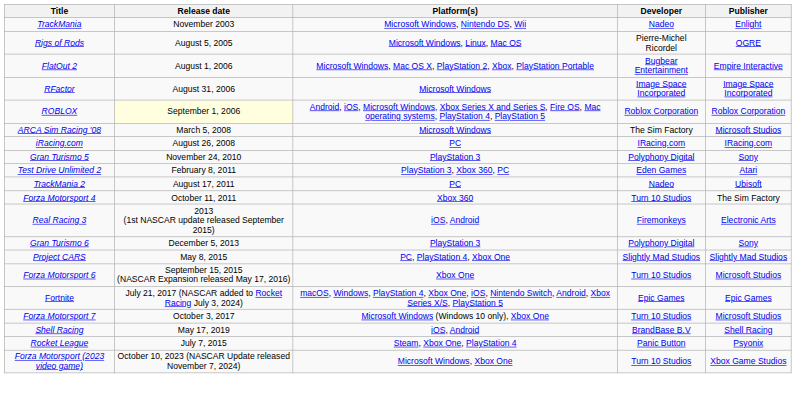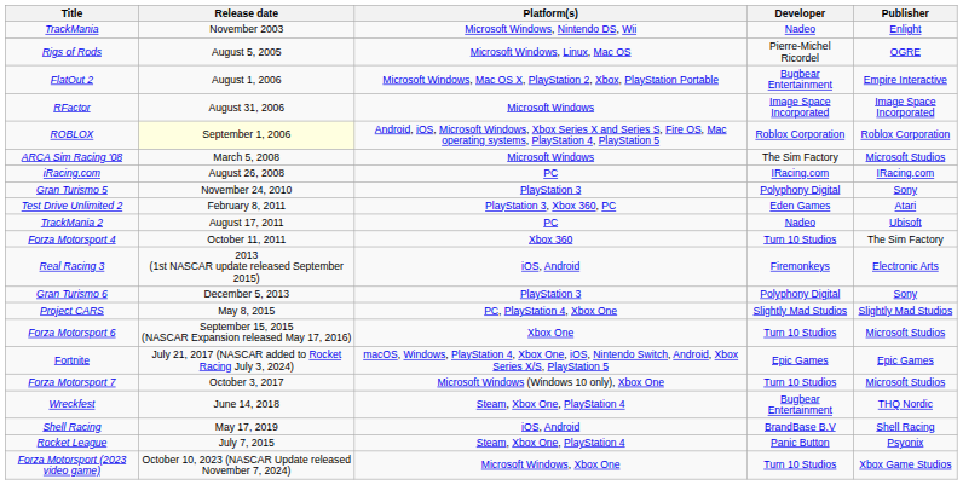 <table class="wikitable sortable" style="font-size:85%; text-align:center; width:auto;">
 <tr>
 <th>Title</th>
 <th>Release date</th>
 <th>Platform(s)</th>
 <th>Developer</th>
 <th>Publisher</th>
 </tr>
 <tr>
 <td style="text-align:center;"><em><a href='#'>TrackMania</a></em></td>
 <td style="text-align:center;">November 2003</td>
 <td style="text-align:center;"><a href='#'>Microsoft Windows</a>, <a href='#'>Nintendo DS</a>, <a href='#'>Wii</a></td>
 <td style="text-align:center;"><a href='#'>Nadeo</a></td>
 <td style="text-align:center;"><a href='#'>Enlight</a></td>
 </tr>
 <tr>
 <td style="text-align:center;"><em><a href='#'>Rigs of Rods</a></em></td>
 <td style="text-align:center;">August 5, 2005</td>
 <td style="text-align:center;"><a href='#'>Microsoft Windows</a>, <a href='#'>Linux</a>, <a href='#'>Mac OS</a></td>
 <td style="text-align:center;">Pierre-Michel Ricordel</td>
 <td style="text-align:center;"><a href='#'>OGRE</a></td>
 </tr>
 <tr>
 <td style="text-align:center;"><em><a href='#'>FlatOut 2</a></em></td>
 <td style="text-align:center;">August 1, 2006</td>
 <td style="text-align:center;"><a href='#'>Microsoft Windows</a>, <a href='#'>Mac OS X</a>, <a href='#'>PlayStation 2</a>, <a href='#'>Xbox</a>, <a href='#'>PlayStation Portable</a></td>
 <td style="text-align:center;"><a href='#'>Bugbear Entertainment</a></td>
 <td style="text-align:center;"><a href='#'>Empire Interactive</a></td>
 </tr>
 <tr>
 <td style="text-align:center;"><em><a href='#'>RFactor</a></em></td>
 <td style="text-align:center;">August 31, 2006</td>
 <td style="text-align:center;"><a href='#'>Microsoft Windows</a></td>
 <td style="text-align:center;"><a href='#'>Image Space Incorporated</a></td>
 <td style="text-align:center;"><a href='#'>Image Space Incorporated</a></td>
 </tr>
 <tr>
 <td style="text-aling:center;"><em><a href='#'>ROBLOX</a></em></td>
 <td style="background: lightyellow; text-aling:center;">September 1, 2006</td>
 <td style="text-aling:center;"><a href='#'>Android</a>, <a href='#'>iOS</a>, <a href='#'>Microsoft Windows</a>, <a href='#'>Xbox Series X and Series S</a>, <a href='#'>Fire OS</a>, <a href='#'>Mac operating systems</a>, <a href='#'>PlayStation 4</a>, <a href='#'>PlayStation 5</a></td>
 <td style="text-aling:center;"><a href='#'>Roblox Corporation</a></td>
 <td style="text-aling:center;"><a href='#'>Roblox Corporation</a></td>
 </tr>
 <tr>
 <td style="text-align:center;"><em><a href='#'>ARCA Sim Racing '08</a></em></td>
 <td style="text-align:center;">March 5, 2008</td>
 <td style="text-align:center;"><a href='#'>Microsoft Windows</a></td>
 <td style="text-align:center;">The Sim Factory</td>
 <td style="text-align:center;"><a href='#'>Microsoft Studios</a></td>
 </tr>
 <tr>
 <td style="text-align:center;"><em><a href='#'>iRacing.com</a></em></td>
 <td style="text-align:center;">August 26, 2008</td>
 <td style="text-align:center;"><a href='#'>PC</a></td>
 <td style="text-align:center;"><a href='#'>IRacing.com</a></td>
 <td style="text-align:center;"><a href='#'>IRacing.com</a></td>
 </tr>
 <tr style="text-align:center;">
 <td><em><a href='#'>Gran Turismo 5</a></em></td>
 <td>November 24, 2010</td>
 <td><a href='#'>PlayStation 3</a></td>
 <td><a href='#'>Polyphony Digital</a></td>
 <td><a href='#'>Sony</a></td>
 </tr>
 <tr>
 <td style="text-align:center;"><em><a href='#'>Test Drive Unlimited 2</a></em></td>
 <td style="text-align:center;">February 8, 2011</td>
 <td style="text-align:center;"><a href='#'>PlayStation 3</a>, <a href='#'>Xbox 360</a>, <a href='#'>PC</a></td>
 <td style="text-align:center;"><a href='#'>Eden Games</a></td>
 <td style="text-align:center;"><a href='#'>Atari</a></td>
 </tr>
 <tr>
 <td style="text-align:center;"><em><a href='#'>TrackMania 2</a></em></td>
 <td style="text-align:center;">August 17, 2011</td>
 <td style="text-align:center;"><a href='#'>PC</a></td>
 <td style="text-align:center;"><a href='#'>Nadeo</a></td>
 <td style="text-align:center;"><a href='#'>Ubisoft</a></td>
 </tr>
 <tr>
 <td style="text-align:center;"><em><a href='#'>Forza Motorsport 4</a></em></td>
 <td style="text-align:center;">October 11, 2011</td>
 <td style="text-align:center;"><a href='#'>Xbox 360</a></td>
 <td style="text-align:center;"><a href='#'>Turn 10 Studios</a></td>
 <td style="text-align:center;">The Sim Factory</td>
 </tr>
 <tr>
 <td style="text-align:center;"><em><a href='#'>Real Racing 3</a></em></td>
 <td style="text-align:center;">2013<br>(1st NASCAR update released September 2015)</td>
 <td style="text-align:center;"><a href='#'>iOS</a>, <a href='#'>Android</a></td>
 <td style="text-align:center;"><a href='#'>Firemonkeys</a></td>
 <td style="text-align:center;"><a href='#'>Electronic Arts</a></td>
 </tr>
 <tr>
 <td style="text-align:center;"><em><a href='#'>Gran Turismo 6</a></em></td>
 <td style="text-align:center;">December 5, 2013</td>
 <td style="text-align:center;"><a href='#'>PlayStation 3</a></td>
 <td style="text-align:center;"><a href='#'>Polyphony Digital</a></td>
 <td style="text-align:center;"><a href='#'>Sony</a></td>
 </tr>
 <tr>
 <td style="text-align:center;"><em><a href='#'>Project CARS</a></em></td>
 <td style="text-align:center;">May 8, 2015</td>
 <td style="text-align:center;"><a href='#'>PC</a>, <a href='#'>PlayStation 4</a>, <a href='#'>Xbox One</a></td>
 <td style="text-align:center;"><a href='#'>Slightly Mad Studios</a></td>
 <td style="text-align:center;"><a href='#'>Slightly Mad Studios</a></td>
 </tr>
 <tr>
 <td style="text-align:center;"><em><a href='#'>Forza Motorsport 6</a></em></td>
 <td style="text-align:center;">September 15, 2015<br>(NASCAR Expansion released May 17, 2016)</td>
 <td style="text-align:center;"><a href='#'>Xbox One</a></td>
 <td style="text-align:center;"><a href='#'>Turn 10 Studios</a></td>
 <td style="text-align:center;"><a href='#'>Microsoft Studios</a></td>
 </tr>
 <tr>
 <td><a href='#'>Fortnite</a></td>
 <td>July 21, 2017 (NASCAR added to <a href='#'>Rocket Racing</a> July 3, 2024)</td>
 <td><a href='#'>macOS</a>, <a href='#'>Windows</a>, <a href='#'>PlayStation 4</a>, <a href='#'>Xbox One</a>, <a href='#'>iOS</a>, <a href='#'>Nintendo Switch</a>, <a href='#'>Android</a>, <a href='#'>Xbox Series X/S</a>, <a href='#'>PlayStation 5</a></td>
 <td><a href='#'>Epic Games</a></td>
 <td><a href='#'>Epic Games</a></td>
 </tr>
 <tr>
 <td style="text-align:center;"><em><a href='#'>Forza Motorsport 7</a></em></td>
 <td style="text-align:center;">October 3, 2017</td>
 <td style="text-align:center;"><a href='#'>Microsoft Windows</a> (Windows 10 only), <a href='#'>Xbox One</a></td>
 <td style="text-align:center;"><a href='#'>Turn 10 Studios</a></td>
 <td style="text-align:center;"><a href='#'>Microsoft Studios</a></td>
 </tr>
 <tr>
+<td style="text-aling:center;"><em><a href='#'>Wreckfest</a></em></td>
+<td style="text-aling:center;">June 14, 2018</td>
+<td style="text-aling:center;"><a href='#'>Steam</a>, <a href='#'>Xbox One</a>, <a href='#'>PlayStation 4</a></td>
+<td style="text-aling:center;"><a href='#'>Bugbear Entertainment</a></td>
+<td style="text-align:center;"><a href='#'>THQ Nordic</a></td>
+</tr>
+<tr>
 <td style="text-align:center;"><em><a href='#'>Shell Racing</a></em></td>
 <td style="text-align:center;">May 17, 2019</td>
 <td style="text-align:center;"><a href='#'>iOS</a>, <a href='#'>Android</a></td>
 <td style="text-align:center;"><a href='#'>BrandBase B.V</a></td>
 <td style="text-align:center;"><a href='#'>Shell Racing</a></td>
 </tr>
 <tr>
 <td style="text-aling:center;"><em><a href='#'>Rocket League</a></em></td>
 <td style="text-aling:center;">July 7, 2015</td>
 <td style="text-aling:center;"><a href='#'>Steam</a>, <a href='#'>Xbox One</a>, <a href='#'>PlayStation 4</a></td>
 <td style="text-aling:center;"><a href='#'>Panic Button</a></td>
 <td style="text-align:center;"><a href='#'>Psyonix</a></td>
 </tr>
 <tr>
 <td style="text-align:center;"><em><a href='#'>Forza Motorsport (2023 video game)</a></em></td>
 <td style="text-align:center;">October 10, 2023 (NASCAR Update released November 7, 2024)</td>
 <td style="text-align:center;"><a href='#'>Microsoft Windows</a>, <a href='#'>Xbox One</a></td>
 <td style="text-align:center;"><a href='#'>Turn 10 Studios</a></td>
 <td style="text-align:center;"><a href='#'>Xbox Game Studios</a></td>
 </tr>
 </table>
